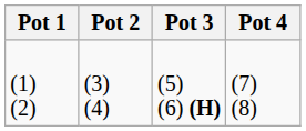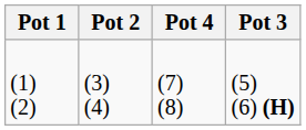 <table class="wikitable">
 <tr>
 <th width=25%>Pot 1</th>
 <th width=25%>Pot 2</th>
+<th width=25%>Pot 4</th>
 <th width=25%>Pot 3</th>
-<th width=25%>Pot 4</th>
 </tr>
 <tr>
 <td><br> (1) <br>  (2)</td>
 <td><br> (3) <br>  (4)</td>
+<td><br> (7) <br>  (8)</td>
 <td><br> (5) <br>  (6) <strong>(H)</strong></td>
-<td><br> (7) <br>  (8)</td>
 </tr>
 </table>
